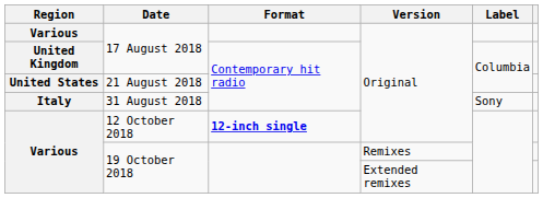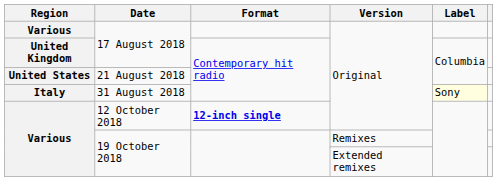 <table class="wikitable plainrowheaders">
 <tr>
 <th scope="col">Region</th>
 <th scope="col">Date</th>
 <th scope="col">Format</th>
 <th Scope="col">Version</th>
 <th scope="col">Label</th>
 <th scope="col"></th>
 </tr>
 <tr>
 <th scope="row">Various</th>
 <td rowspan="2">17 August 2018</td>
 <td></td>
 <td rowspan="5">Original</td>
 <td></td>
 <td></td>
 </tr>
 <tr>
 <th scope="row">United Kingdom</th>
 <td rowspan="3"><a href='#'>Contemporary hit radio</a></td>
 <td rowspan="2">Columbia</td>
 <td></td>
 </tr>
 <tr>
 <th scope="row">United States</th>
 <td>21 August 2018</td>
 <td></td>
 </tr>
 <tr>
 <th scope="row">Italy</th>
 <td>31 August 2018</td>
-<td>Sony</td>
+<td style="background: lightyellow;">Sony</td>
 <td></td>
 </tr>
 <tr>
 <th scope="row" rowspan="3">Various</th>
 <td>12 October 2018</td>
 <td><strong><a href='#'>12-inch single</a></strong></td>
 <td rowspan="3"></td>
 <td></td>
 </tr>
 <tr>
 <td rowspan="2">19 October 2018</td>
 <td rowspan="2"></td>
 <td>Remixes</td>
 <td></td>
 </tr>
 <tr>
 <td>Extended remixes</td>
 <td></td>
 </tr>
 </table>
